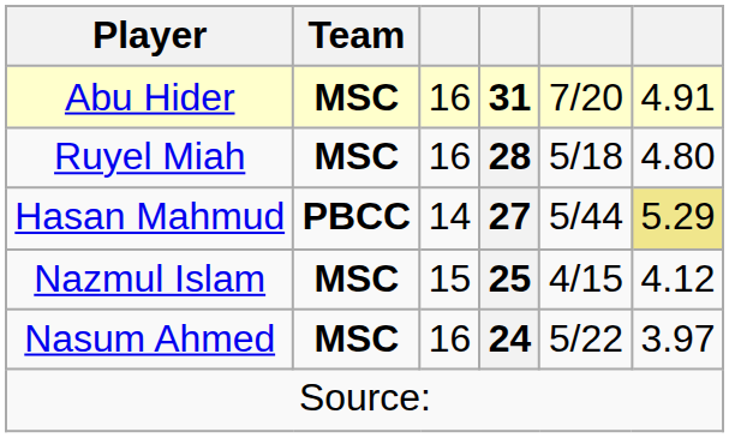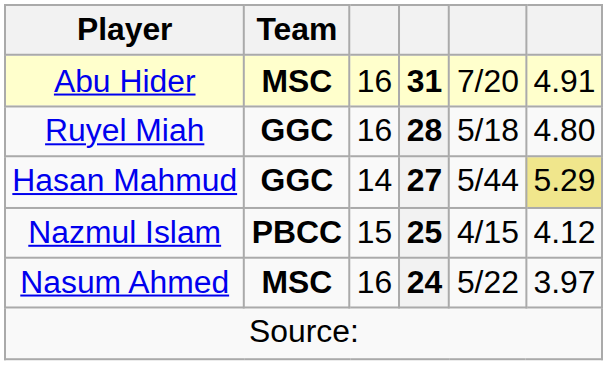 <table class="wikitable sortable" style="text-align:center">
 <tr>
 <th class="unsortable">Player</th>
 <th>Team</th>
 <th></th>
 <th></th>
 <th></th>
 <th></th>
 </tr>
 <tr style="background:#ffc">
 <td><a href='#'>Abu Hider</a></td>
 <td><strong>MSC</strong></td>
 <td>16</td>
 <th style="background:#ffc">31</th>
 <td>7/20</td>
 <td>4.91</td>
 </tr>
 <tr>
 <td><a href='#'>Ruyel Miah</a></td>
-<td><strong>MSC</strong></td>
+<td><strong>GGC</strong></td>
 <td>16</td>
 <th>28</th>
 <td>5/18</td>
 <td>4.80</td>
 </tr>
 <tr>
 <td><a href='#'>Hasan Mahmud</a></td>
-<td><strong>PBCC</strong></td>
+<td><strong>GGC</strong></td>
 <td>14</td>
 <th>27</th>
 <td>5/44</td>
 <td style="background: khaki;">5.29</td>
 </tr>
 <tr>
 <td><a href='#'>Nazmul Islam</a></td>
-<td><strong>MSC</strong></td>
+<td><strong>PBCC</strong></td>
 <td>15</td>
 <th>25</th>
 <td>4/15</td>
 <td>4.12</td>
 </tr>
 <tr>
 <td><a href='#'>Nasum Ahmed</a></td>
 <td><strong>MSC</strong></td>
 <td>16</td>
 <th>24</th>
 <td>5/22</td>
 <td>3.97</td>
 </tr>
 <tr>
 <td colspan="6">Source: </td>
 </tr>
 </table>
